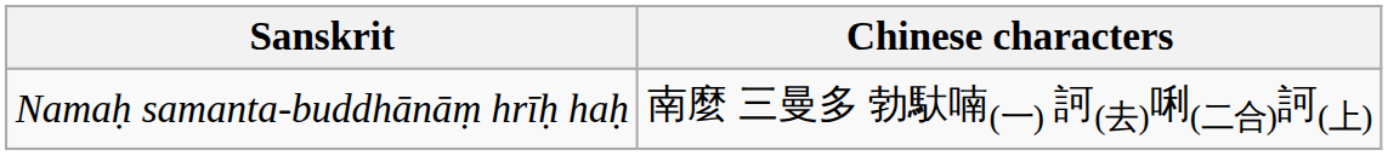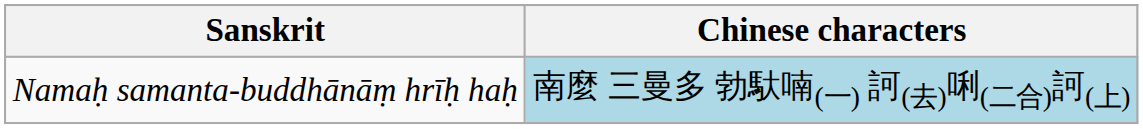 <table class="wikitable">
 <tr>
 <th>Sanskrit</th>
 <th>Chinese characters</th>
 </tr>
 <tr>
 <td><em>Namaḥ samanta-buddhānāṃ hrīḥ haḥ</em></td>
-<td>南麼 三曼多 勃馱喃<sub>(一)</sub> 訶<sub>(去)</sub>唎<sub>(二合)</sub>訶<sub>(上)</sub></td>
+<td style="background: lightblue;">南麼 三曼多 勃馱喃<sub>(一)</sub> 訶<sub>(去)</sub>唎<sub>(二合)</sub>訶<sub>(上)</sub></td>
 </tr>
 </table>
